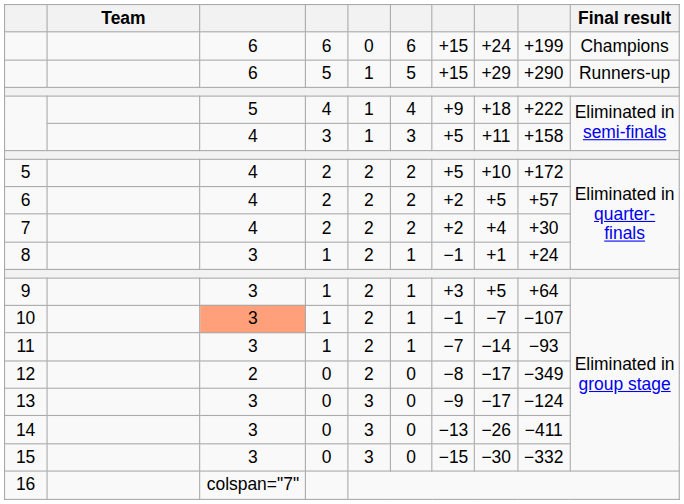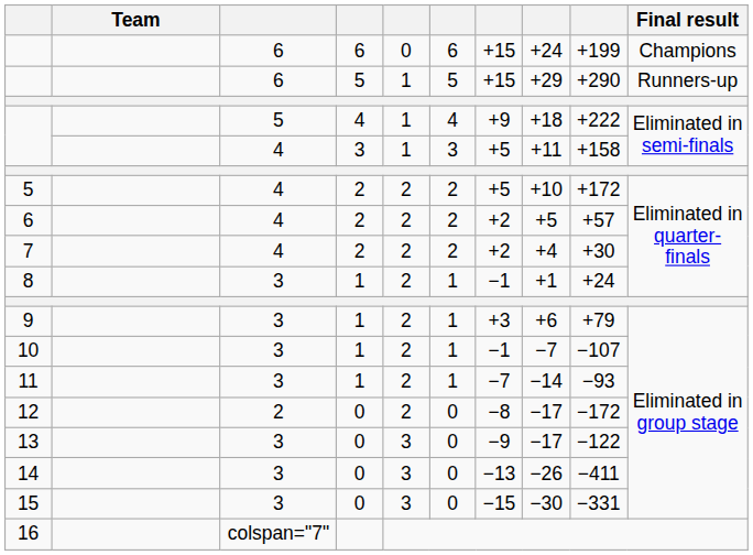 <table class=wikitable style="text-align:center;" width=620>
 <tr Indonesia>
 <th width=5.5%></th>
 <th width=20%>Team</th>
 <th width=5.5%></th>
 <th width=5.5%></th>
 <th width=5.5%></th>
 <th width=5.5%></th>
 <th width=5.5%></th>
 <th width=5.5%></th>
 <th width=5.5%></th>
 <th width=14%>Final result</th>
 </tr>
 <tr>
 <td></td>
 <td align="left"></td>
 <td>6</td>
 <td>6</td>
 <td>0</td>
 <td>6</td>
 <td>+15</td>
 <td>+24</td>
 <td>+199</td>
 <td>Champions</td>
 </tr>
 <tr>
 <td></td>
 <td align="left"></td>
 <td>6</td>
 <td>5</td>
 <td>1</td>
 <td>5</td>
 <td>+15</td>
 <td>+29</td>
 <td>+290</td>
 <td>Runners-up</td>
 </tr>
 <tr>
 <th colspan="10"></th>
 </tr>
 <tr>
 <td rowspan="2"></td>
 <td align="left"></td>
 <td>5</td>
 <td>4</td>
 <td>1</td>
 <td>4</td>
 <td>+9</td>
 <td>+18</td>
 <td>+222</td>
 <td rowspan="2">Eliminated in <a href='#'>semi-finals</a></td>
 </tr>
 <tr>
 <td align="left"></td>
 <td>4</td>
 <td>3</td>
 <td>1</td>
 <td>3</td>
 <td>+5</td>
 <td>+11</td>
 <td>+158</td>
 </tr>
 <tr>
 <th colspan="10"></th>
 </tr>
 <tr>
 <td>5</td>
 <td align="left"></td>
 <td>4</td>
 <td>2</td>
 <td>2</td>
 <td>2</td>
 <td>+5</td>
 <td>+10</td>
 <td>+172</td>
 <td rowspan="4">Eliminated in <a href='#'>quarter-finals</a></td>
 </tr>
 <tr>
 <td>6</td>
 <td align="left"></td>
 <td>4</td>
 <td>2</td>
 <td>2</td>
 <td>2</td>
 <td>+2</td>
 <td>+5</td>
 <td>+57</td>
 </tr>
 <tr>
 <td>7</td>
 <td align="left"></td>
 <td>4</td>
 <td>2</td>
 <td>2</td>
 <td>2</td>
 <td>+2</td>
 <td>+4</td>
 <td>+30</td>
 </tr>
 <tr>
 <td>8</td>
 <td align="left"></td>
 <td>3</td>
 <td>1</td>
 <td>2</td>
 <td>1</td>
 <td>−1</td>
 <td>+1</td>
 <td>+24</td>
 </tr>
 <tr>
 <th colspan="10"></th>
 </tr>
 <tr>
 <td>9</td>
 <td align="left"></td>
 <td>3</td>
 <td>1</td>
 <td>2</td>
 <td>1</td>
 <td>+3</td>
-<td>+5</td>
-<td>+64</td>
+<td>+6</td>
+<td>+79</td>
 <td rowspan="7">Eliminated in <a href='#'>group stage</a></td>
 </tr>
 <tr>
 <td>10</td>
 <td align="left"></td>
-<td style="background: lightsalmon;">3</td>
+<td>3</td>
 <td>1</td>
 <td>2</td>
 <td>1</td>
 <td>−1</td>
 <td>−7</td>
 <td>−107</td>
 </tr>
 <tr>
 <td>11</td>
 <td align="left"></td>
 <td>3</td>
 <td>1</td>
 <td>2</td>
 <td>1</td>
 <td>−7</td>
 <td>−14</td>
 <td>−93</td>
 </tr>
 <tr>
 <td>12</td>
 <td align="left"></td>
 <td>2</td>
 <td>0</td>
 <td>2</td>
 <td>0</td>
 <td>−8</td>
 <td>−17</td>
-<td>−349</td>
+<td>−172</td>
 </tr>
 <tr>
 <td>13</td>
 <td align="left"></td>
 <td>3</td>
 <td>0</td>
 <td>3</td>
 <td>0</td>
 <td>−9</td>
 <td>−17</td>
-<td>−124</td>
+<td>−122</td>
 </tr>
 <tr>
 <td>14</td>
 <td align="left"></td>
 <td>3</td>
 <td>0</td>
 <td>3</td>
 <td>0</td>
 <td>−13</td>
 <td>−26</td>
 <td>−411</td>
 </tr>
 <tr>
 <td>15</td>
 <td align="left"></td>
 <td>3</td>
 <td>0</td>
 <td>3</td>
 <td>0</td>
 <td>−15</td>
 <td>−30</td>
-<td>−332</td>
+<td>−331</td>
 </tr>
 <tr>
 <td>16</td>
 <td align="left"></td>
 <td>colspan="7" </td>
 <td></td>
 </tr>
 </table>
